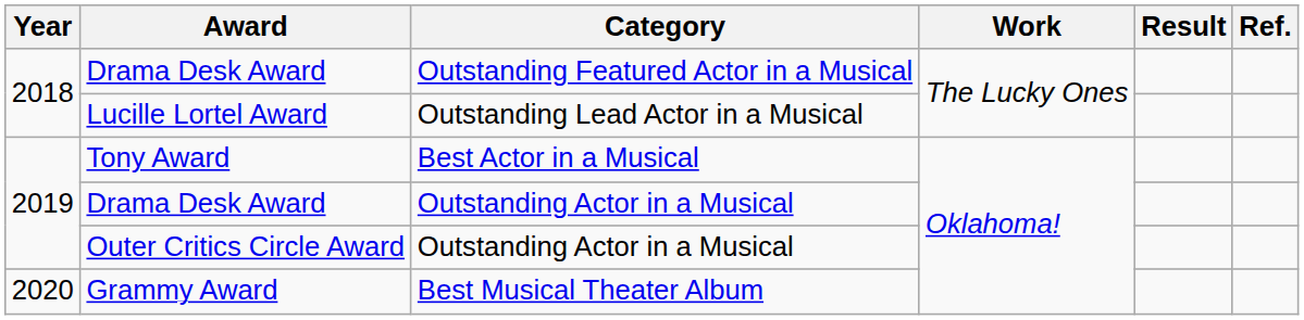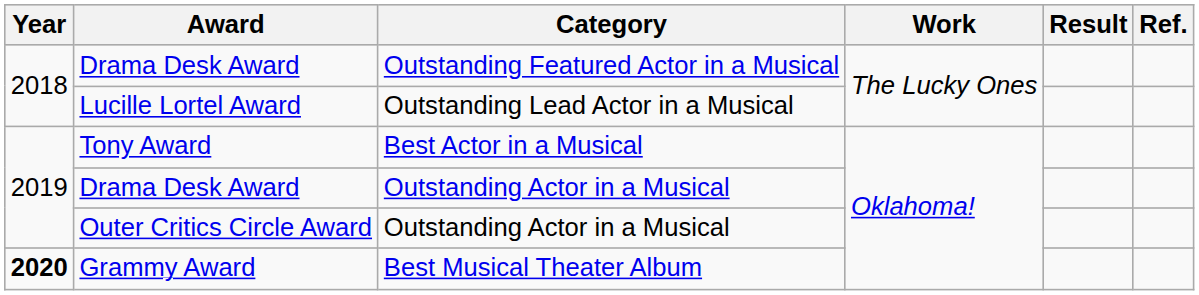 <table class="wikitable">
 <tr>
 <th>Year</th>
 <th>Award</th>
 <th>Category</th>
 <th>Work</th>
 <th>Result</th>
 <th>Ref.</th>
 </tr>
 <tr>
 <td rowspan="2">2018</td>
 <td><a href='#'>Drama Desk Award</a></td>
 <td><a href='#'>Outstanding Featured Actor in a Musical</a></td>
 <td rowspan="2"><em>The Lucky Ones</em></td>
 <td></td>
 <td></td>
 </tr>
 <tr>
 <td><a href='#'>Lucille Lortel Award</a></td>
 <td>Outstanding Lead Actor in a Musical</td>
 <td></td>
 <td></td>
 </tr>
 <tr>
 <td rowspan="3">2019</td>
 <td><a href='#'>Tony Award</a></td>
 <td><a href='#'>Best Actor in a Musical</a></td>
 <td rowspan="4"><em><a href='#'>Oklahoma!</a></em></td>
 <td></td>
 <td></td>
 </tr>
 <tr>
 <td><a href='#'>Drama Desk Award</a></td>
 <td><a href='#'>Outstanding Actor in a Musical</a></td>
 <td></td>
 <td></td>
 </tr>
 <tr>
 <td><a href='#'>Outer Critics Circle Award</a></td>
 <td>Outstanding Actor in a Musical</td>
 <td></td>
 <td></td>
 </tr>
 <tr>
-<td>2020</td>
+<td><strong>2020</strong></td>
 <td><a href='#'>Grammy Award</a></td>
 <td><a href='#'>Best Musical Theater Album</a></td>
 <td></td>
 <td></td>
 </tr>
 </table>
